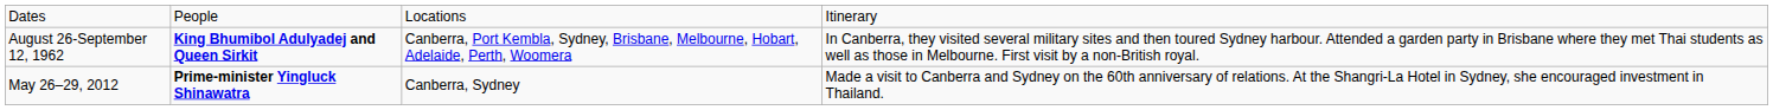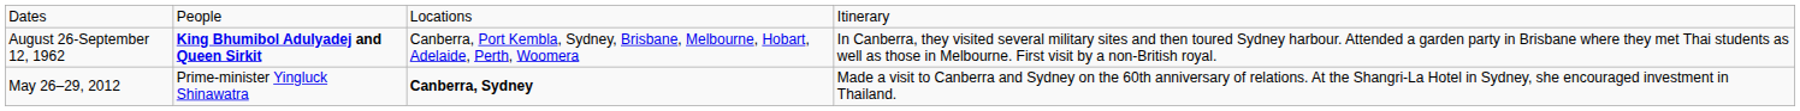 <table class="wikitable" style="margin:1em auto 1em auto">
 <tr>
 <td>Dates</td>
 <td>People</td>
 <td>Locations</td>
 <td>Itinerary</td>
 </tr>
 <tr>
 <td>August 26-September 12, 1962</td>
 <td><strong><a href='#'>King Bhumibol Adulyadej</a> and <a href='#'>Queen Sirkit</a></strong></td>
 <td>Canberra, <a href='#'>Port Kembla</a>, Sydney, <a href='#'>Brisbane</a>, <a href='#'>Melbourne</a>, <a href='#'>Hobart</a>, <a href='#'>Adelaide</a>, <a href='#'>Perth</a>, <a href='#'>Woomera</a></td>
 <td>In Canberra, they visited several military sites and then toured Sydney harbour. Attended a garden party in Brisbane where they met Thai students as well as those in Melbourne. First visit by a non-British royal.</td>
 </tr>
 <tr>
 <td>May 26–29, 2012</td>
-<td><strong>Prime-minister <a href='#'>Yingluck Shinawatra</a></strong></td>
-<td>Canberra, Sydney</td>
+<td>Prime-minister <a href='#'>Yingluck Shinawatra</a></td>
+<td><strong>Canberra, Sydney</strong></td>
 <td>Made a visit to Canberra and Sydney on the 60th anniversary of relations. At the Shangri-La Hotel in Sydney, she encouraged investment in Thailand.</td>
 </tr>
 </table>
